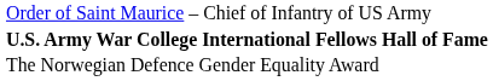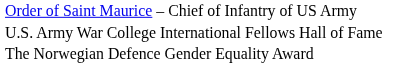 <table>
 <tr>
 <td><a href='#'>Order of Saint Maurice</a> – Chief of Infantry of US Army</td>
 </tr>
 <tr>
-<td><strong>U.S. Army War College International Fellows Hall of Fame</strong></td>
+<td>U.S. Army War College International Fellows Hall of Fame</td>
 </tr>
 <tr>
 <td>The Norwegian Defence Gender Equality Award</td>
 </tr>
 </table>
